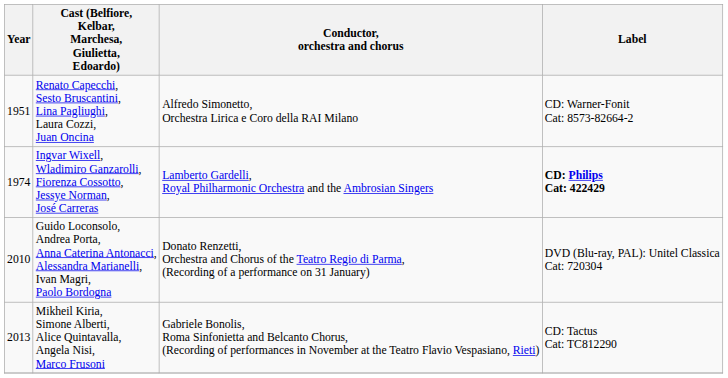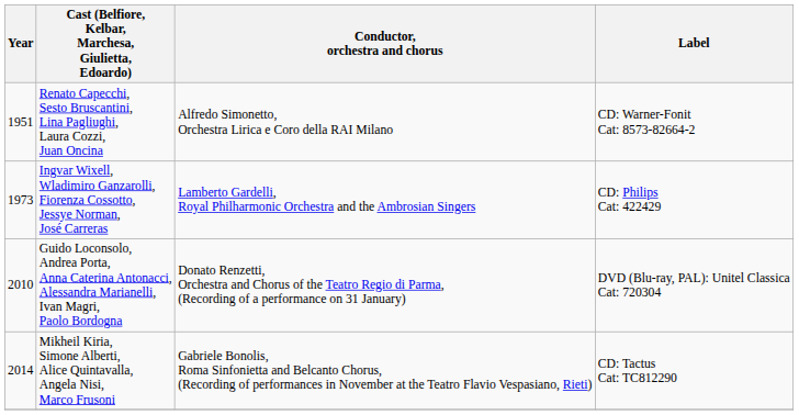 <table class="wikitable">
 <tr>
 <th>Year</th>
 <th>Cast (Belfiore,<br>Kelbar,<br>Marchesa,<br>Giulietta,<br>Edoardo)</th>
 <th>Conductor,<br>orchestra and chorus</th>
 <th>Label</th>
 </tr>
 <tr>
 <td>1951</td>
 <td><a href='#'>Renato Capecchi</a>,<br><a href='#'>Sesto Bruscantini</a>,<br><a href='#'>Lina Pagliughi</a>,<br>Laura Cozzi,<br><a href='#'>Juan Oncina</a></td>
 <td>Alfredo Simonetto,<br>Orchestra Lirica e Coro della RAI Milano</td>
 <td>CD: Warner-Fonit<br>Cat: 8573-82664-2</td>
 </tr>
 <tr>
-<td>1974</td>
+<td>1973</td>
 <td><a href='#'>Ingvar Wixell</a>,<br><a href='#'>Wladimiro Ganzarolli</a>,<br><a href='#'>Fiorenza Cossotto</a>,<br><a href='#'>Jessye Norman</a>,<br><a href='#'>José Carreras</a></td>
 <td><a href='#'>Lamberto Gardelli</a>,<br><a href='#'>Royal Philharmonic Orchestra</a> and the <a href='#'>Ambrosian Singers</a></td>
-<td><strong>CD: <a href='#'>Philips</a> <br>Cat: 422429</strong></td>
+<td>CD: <a href='#'>Philips</a> <br>Cat: 422429</td>
 </tr>
 <tr>
 <td>2010</td>
 <td>Guido Loconsolo,<br>Andrea Porta,<br><a href='#'>Anna Caterina Antonacci</a>,<br><a href='#'>Alessandra Marianelli</a>,<br>Ivan Magri, <br><a href='#'>Paolo Bordogna</a></td>
 <td>Donato Renzetti,<br>Orchestra and Chorus of the <a href='#'>Teatro Regio di Parma</a>,<br>(Recording of a performance on 31 January)</td>
 <td>DVD (Blu-ray, PAL): Unitel Classica<br>Cat: 720304</td>
 </tr>
 <tr>
-<td>2013</td>
+<td>2014</td>
 <td>Mikheil Kiria,<br>Simone Alberti,<br>Alice Quintavalla,<br>Angela Nisi,<br><a href='#'>Marco Frusoni</a></td>
 <td>Gabriele Bonolis,<br>Roma Sinfonietta and Belcanto Chorus,<br>(Recording of performances in November at the Teatro Flavio Vespasiano, <a href='#'>Rieti</a>)</td>
 <td>CD: Tactus<br>Cat: TC812290</td>
 </tr>
 <tr>
 </tr>
 </table>
